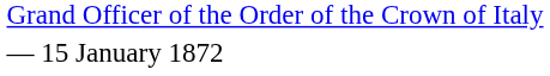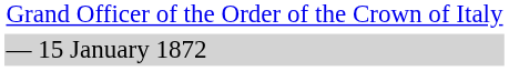 <table>
 <tr>
 <td rowspan=2 style="width:60px; vertical-align:top;"></td>
 <td><a href='#'>Grand Officer of the Order of the Crown of Italy</a></td>
 </tr>
 <tr>
-<td>— 15 January 1872</td>
+<td style="background: lightgrey;">— 15 January 1872</td>
 </tr>
 </table>
